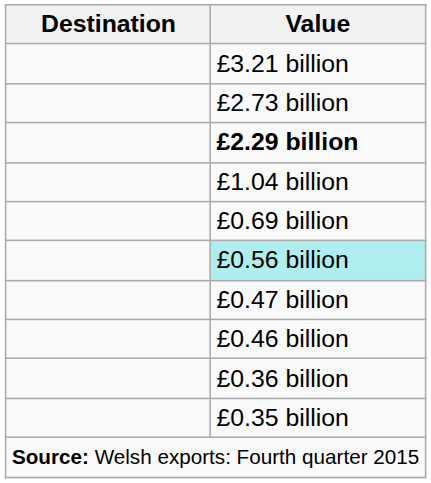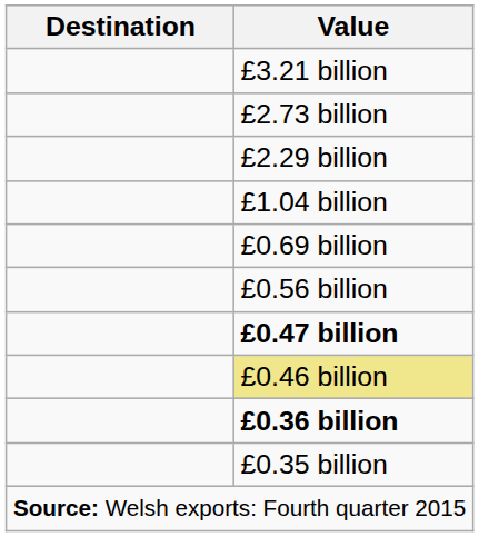 <table class="wikitable" style="margin:1em auto;">
 <tr>
 <th>Destination</th>
 <th>Value</th>
 </tr>
 <tr>
 <td></td>
 <td>£3.21 billion</td>
 </tr>
 <tr>
 <td></td>
 <td>£2.73 billion</td>
 </tr>
 <tr>
 <td></td>
-<td><strong>£2.29 billion</strong></td>
+<td>£2.29 billion</td>
 </tr>
 <tr>
 <td></td>
 <td>£1.04 billion</td>
 </tr>
 <tr>
 <td></td>
 <td>£0.69 billion</td>
 </tr>
 <tr>
 <td></td>
-<td style="background: paleturquoise;">£0.56 billion</td>
+<td>£0.56 billion</td>
 </tr>
 <tr>
 <td></td>
-<td>£0.47 billion</td>
+<td><strong>£0.47 billion</strong></td>
 </tr>
 <tr>
 <td></td>
-<td>£0.46 billion</td>
+<td style="background: khaki;">£0.46 billion</td>
 </tr>
 <tr>
 <td></td>
-<td>£0.36 billion</td>
+<td><strong>£0.36 billion</strong></td>
 </tr>
 <tr>
 <td></td>
 <td>£0.35 billion</td>
 </tr>
 <tr>
 <td colspan="8" style="text-align: left;"><small><strong>Source:</strong> Welsh exports: Fourth quarter 2015</small></td>
 </tr>
 </table>
